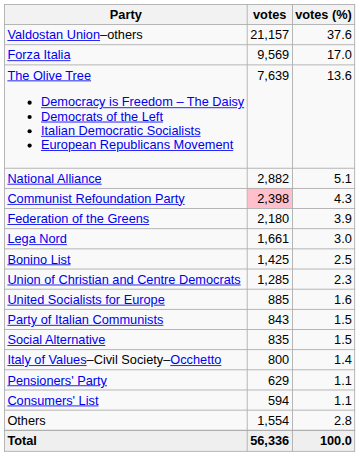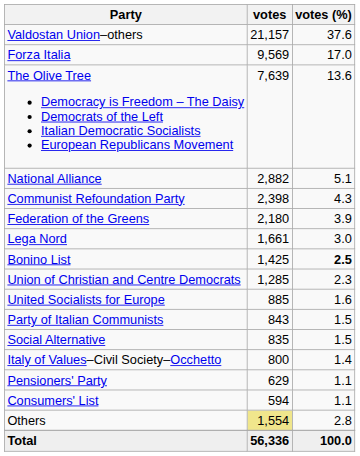 <table class="wikitable" style="font-size:95%">
 <tr bgcolor="EFEFEF">
 <th>Party</th>
 <th>votes</th>
 <th>votes (%)</th>
 </tr>
 <tr>
 <td><a href='#'>Valdostan Union</a>–others</td>
 <td align=right>21,157</td>
 <td align=right>37.6</td>
 </tr>
 <tr>
 <td><a href='#'>Forza Italia</a></td>
 <td align=right>9,569</td>
 <td align=right>17.0</td>
 </tr>
 <tr>
 <td><a href='#'>The Olive Tree</a><br><ul><li><a href='#'>Democracy is Freedom – The Daisy</a></li><li><a href='#'>Democrats of the Left</a></li><li><a href='#'>Italian Democratic Socialists</a></li><li><a href='#'>European Republicans Movement</a></li></ul></td>
 <td align=right valign=top>7,639</td>
 <td align=right valign=top>13.6</td>
 </tr>
 <tr>
 <td><a href='#'>National Alliance</a></td>
 <td align=right>2,882</td>
 <td align=right>5.1</td>
 </tr>
 <tr>
 <td><a href='#'>Communist Refoundation Party</a></td>
-<td align=right style="background: pink;">2,398</td>
+<td align=right>2,398</td>
 <td align=right>4.3</td>
 </tr>
 <tr>
 <td><a href='#'>Federation of the Greens</a></td>
 <td align=right>2,180</td>
 <td align=right>3.9</td>
 </tr>
 <tr>
 <td><a href='#'>Lega Nord</a></td>
 <td align=right>1,661</td>
 <td align=right>3.0</td>
 </tr>
 <tr>
 <td><a href='#'>Bonino List</a></td>
 <td align=right>1,425</td>
-<td align=right>2.5</td>
+<td align=right><strong>2.5</strong></td>
 </tr>
 <tr>
 <td><a href='#'>Union of Christian and Centre Democrats</a></td>
 <td align=right>1,285</td>
 <td align=right>2.3</td>
 </tr>
 <tr>
 <td><a href='#'>United Socialists for Europe</a></td>
 <td align=right>885</td>
 <td align=right>1.6</td>
 </tr>
 <tr>
 <td><a href='#'>Party of Italian Communists</a></td>
 <td align=right>843</td>
 <td align=right>1.5</td>
 </tr>
 <tr>
 <td><a href='#'>Social Alternative</a></td>
 <td align=right>835</td>
 <td align=right>1.5</td>
 </tr>
 <tr>
 <td><a href='#'>Italy of Values</a>–Civil Society–<a href='#'>Occhetto</a></td>
 <td align=right>800</td>
 <td align=right>1.4</td>
 </tr>
 <tr>
 <td><a href='#'>Pensioners' Party</a></td>
 <td align=right>629</td>
 <td align=right>1.1</td>
 </tr>
 <tr>
 <td><a href='#'>Consumers' List</a></td>
 <td align=right>594</td>
 <td align=right>1.1</td>
 </tr>
 <tr>
 <td>Others</td>
-<td align=right>1,554</td>
+<td align=right style="background: khaki;">1,554</td>
 <td align=right>2.8</td>
 </tr>
 <tr>
 </tr>
 <tr bgcolor="EFEFEF">
 <td><strong>Total</strong></td>
 <td align=right><strong>56,336</strong></td>
 <td align=right><strong>100.0</strong></td>
 </tr>
 </table>
